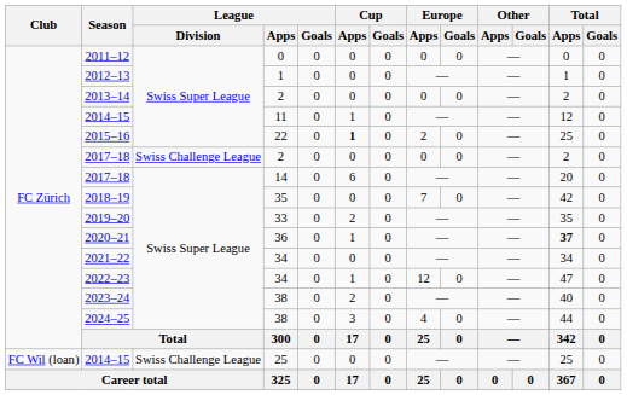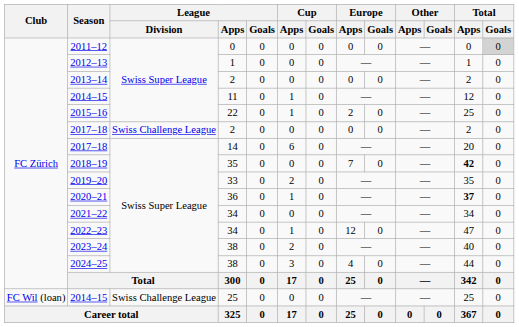 <table class="wikitable" style="text-align:center">
 <tr>
 <th rowspan="2">Club</th>
 <th rowspan="2">Season</th>
 <th colspan="3">League</th>
 <th colspan="2">Cup</th>
 <th colspan="2">Europe</th>
 <th colspan="2">Other</th>
 <th colspan="2">Total</th>
 </tr>
 <tr>
 <th>Division</th>
 <th>Apps</th>
 <th>Goals</th>
 <th>Apps</th>
 <th>Goals</th>
 <th>Apps</th>
 <th>Goals</th>
 <th>Apps</th>
 <th>Goals</th>
 <th>Apps</th>
 <th>Goals</th>
 </tr>
 <tr>
 <td rowspan="15"><a href='#'>FC Zürich</a></td>
 <td><a href='#'>2011–12</a></td>
 <td rowspan="5"><a href='#'>Swiss Super League</a></td>
 <td>0</td>
 <td>0</td>
 <td>0</td>
 <td>0</td>
 <td>0</td>
 <td>0</td>
 <td colspan="2">—</td>
 <td>0</td>
-<td>0</td>
+<td style="background: lightgrey;">0</td>
 </tr>
 <tr>
 <td><a href='#'>2012–13</a></td>
 <td>1</td>
 <td>0</td>
 <td>0</td>
 <td>0</td>
 <td colspan="2">—</td>
 <td colspan="2">—</td>
 <td>1</td>
 <td>0</td>
 </tr>
 <tr>
 <td><a href='#'>2013–14</a></td>
 <td>2</td>
 <td>0</td>
 <td>0</td>
 <td>0</td>
 <td>0</td>
 <td>0</td>
 <td colspan="2">—</td>
 <td>2</td>
 <td>0</td>
 </tr>
 <tr>
 <td><a href='#'>2014–15</a></td>
 <td>11</td>
 <td>0</td>
 <td>1</td>
 <td>0</td>
 <td colspan="2">—</td>
 <td colspan="2">—</td>
 <td>12</td>
 <td>0</td>
 </tr>
 <tr>
 <td><a href='#'>2015–16</a></td>
 <td>22</td>
 <td>0</td>
-<td><strong>1</strong></td>
+<td>1</td>
 <td>0</td>
 <td>2</td>
 <td>0</td>
 <td colspan="2">—</td>
 <td>25</td>
 <td>0</td>
 </tr>
 <tr>
 <td><a href='#'>2017–18</a></td>
 <td><a href='#'>Swiss Challenge League</a></td>
 <td>2</td>
 <td>0</td>
 <td>0</td>
 <td>0</td>
 <td>0</td>
 <td>0</td>
 <td colspan="2">—</td>
 <td>2</td>
 <td>0</td>
 </tr>
 <tr>
 <td><a href='#'>2017–18</a></td>
 <td rowspan="8">Swiss Super League</td>
 <td>14</td>
 <td>0</td>
 <td>6</td>
 <td>0</td>
 <td colspan="2">—</td>
 <td colspan="2">—</td>
 <td>20</td>
 <td>0</td>
 </tr>
 <tr>
 <td><a href='#'>2018–19</a></td>
 <td>35</td>
 <td>0</td>
 <td>0</td>
 <td>0</td>
 <td>7</td>
 <td>0</td>
 <td colspan="2">—</td>
-<td>42</td>
+<td><strong>42</strong></td>
 <td>0</td>
 </tr>
 <tr>
 <td><a href='#'>2019–20</a></td>
 <td>33</td>
 <td>0</td>
 <td>2</td>
 <td>0</td>
 <td colspan="2">—</td>
 <td colspan="2">—</td>
 <td>35</td>
 <td>0</td>
 </tr>
 <tr>
 <td><a href='#'>2020–21</a></td>
 <td>36</td>
 <td>0</td>
 <td>1</td>
 <td>0</td>
 <td colspan="2">—</td>
 <td colspan="2">—</td>
 <td><strong>37</strong></td>
 <td>0</td>
 </tr>
 <tr>
 <td><a href='#'>2021–22</a></td>
 <td>34</td>
 <td>0</td>
 <td>0</td>
 <td>0</td>
 <td colspan="2">—</td>
 <td colspan="2">—</td>
 <td>34</td>
 <td>0</td>
 </tr>
 <tr>
 <td><a href='#'>2022–23</a></td>
 <td>34</td>
 <td>0</td>
 <td>1</td>
 <td>0</td>
 <td>12</td>
 <td>0</td>
 <td colspan="2">—</td>
 <td>47</td>
 <td>0</td>
 </tr>
 <tr>
 <td><a href='#'>2023–24</a></td>
 <td>38</td>
 <td>0</td>
 <td>2</td>
 <td>0</td>
 <td colspan="2">—</td>
 <td colspan="2">—</td>
 <td>40</td>
 <td>0</td>
 </tr>
 <tr>
 <td><a href='#'>2024–25</a></td>
 <td>38</td>
 <td>0</td>
 <td>3</td>
 <td>0</td>
 <td>4</td>
 <td>0</td>
 <td colspan="2">—</td>
 <td>44</td>
 <td>0</td>
 </tr>
 <tr>
 <th colspan="2">Total</th>
 <th>300</th>
 <th>0</th>
 <th>17</th>
 <th>0</th>
 <th>25</th>
 <th>0</th>
 <th colspan="2">—</th>
 <th>342</th>
 <th>0</th>
 </tr>
 <tr>
 <td><a href='#'>FC Wil</a> (loan)</td>
 <td><a href='#'>2014–15</a></td>
 <td>Swiss Challenge League</td>
 <td>25</td>
 <td>0</td>
 <td>0</td>
 <td>0</td>
 <td colspan="2">—</td>
 <td colspan="2">—</td>
 <td>25</td>
 <td>0</td>
 </tr>
 <tr>
 <th colspan="3">Career total</th>
 <th>325</th>
 <th>0</th>
 <th>17</th>
 <th>0</th>
 <th>25</th>
 <th>0</th>
 <th>0</th>
 <th>0</th>
 <th>367</th>
 <th>0</th>
 </tr>
 </table>
